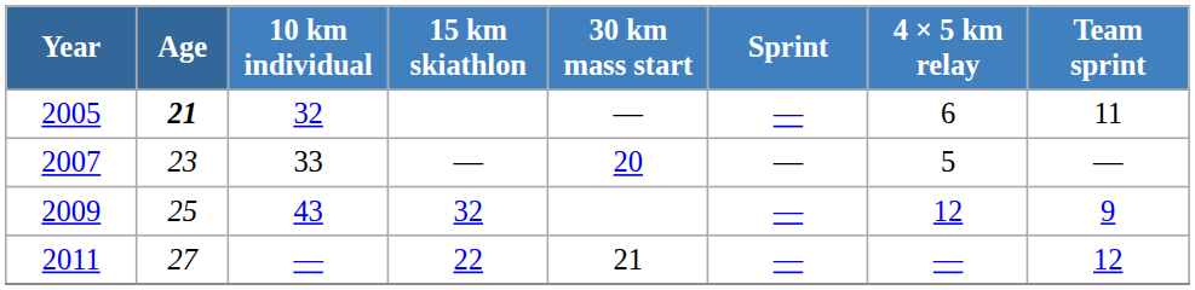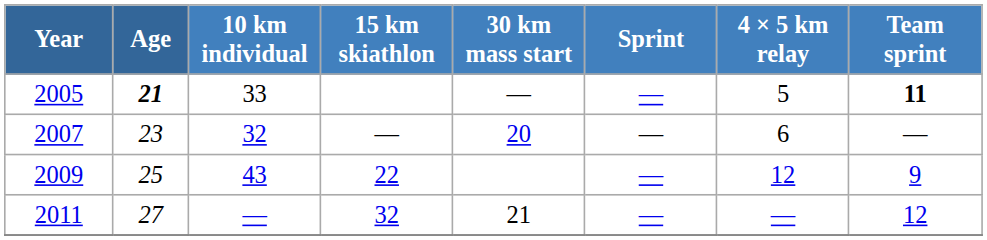 <table class="wikitable" style="font-size:95%; text-align:center; border:grey solid 1px; border-collapse:collapse; background:#ffffff;">
 <tr>
 <th style="background-color:#369; color:white; width:60px;"> Year </th>
 <th style="background-color:#369; color:white; width:40px;"> Age </th>
 <th style="background-color:#4180be; color:white; width:75px;"> 10 km <br> individual </th>
 <th style="background-color:#4180be; color:white; width:75px;"> 15 km <br> skiathlon </th>
 <th style="background-color:#4180be; color:white; width:75px;"> 30 km <br> mass start </th>
 <th style="background-color:#4180be; color:white; width:75px;"> Sprint </th>
 <th style="background-color:#4180be; color:white; width:75px;"> 4 × 5 km <br> relay </th>
 <th style="background-color:#4180be; color:white; width:75px;"> Team <br> sprint </th>
 </tr>
 <tr>
 <td><a href='#'>2005</a></td>
 <td><strong><em>21</em></strong></td>
-<td><a href='#'>32</a></td>
+<td>33</td>
 <td></td>
 <td>—</td>
 <td><a href='#'>—</a></td>
-<td>6</td>
-<td>11</td>
+<td>5</td>
+<td><strong>11</strong></td>
 </tr>
 <tr>
 <td><a href='#'>2007</a></td>
 <td><em>23</em></td>
-<td>33</td>
+<td><a href='#'>32</a></td>
 <td>—</td>
 <td><a href='#'>20</a></td>
 <td>—</td>
-<td>5</td>
+<td>6</td>
 <td>—</td>
 </tr>
 <tr>
 <td><a href='#'>2009</a></td>
 <td><em>25</em></td>
 <td><a href='#'>43</a></td>
-<td><a href='#'>32</a></td>
+<td><a href='#'>22</a></td>
 <td><a href='#'></a></td>
 <td><a href='#'>—</a></td>
 <td><a href='#'>12</a></td>
 <td><a href='#'>9</a></td>
 </tr>
 <tr>
 <td><a href='#'>2011</a></td>
 <td><em>27</em></td>
 <td><a href='#'>—</a></td>
-<td><a href='#'>22</a></td>
+<td><a href='#'>32</a></td>
 <td>21</td>
 <td><a href='#'>—</a></td>
 <td><a href='#'>—</a></td>
 <td><a href='#'>12</a></td>
 </tr>
 <tr>
 </tr>
 </table>
